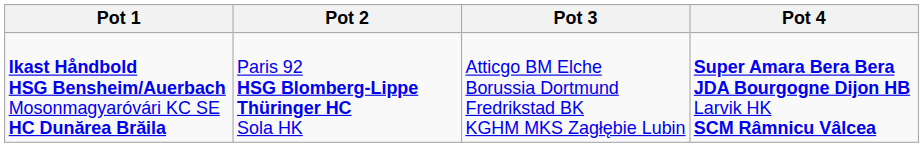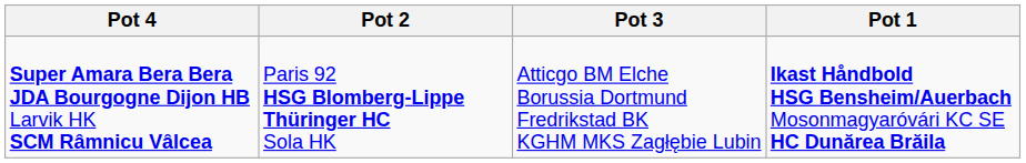 <table class="wikitable">
 <tr>
-<th style="width:25%;">Pot 1</th>
+<th style="width:25%;">Pot 4</th>
 <th style="width:25%;">Pot 2</th>
 <th style="width:25%;">Pot 3</th>
-<th style="width:25%;">Pot 4</th>
+<th style="width:25%;">Pot 1</th>
 </tr>
 <tr>
-<td><br> <strong><a href='#'>Ikast Håndbold</a></strong><br>  <strong><a href='#'>HSG Bensheim/Auerbach</a></strong><br>  <a href='#'>Mosonmagyaróvári KC SE</a><br>  <strong><a href='#'>HC Dunărea Brăila</a></strong></td>
+<td><br> <strong><a href='#'>Super Amara Bera Bera</a></strong><br>  <strong><a href='#'>JDA Bourgogne Dijon HB</a></strong><br>  <a href='#'>Larvik HK</a><br>  <strong><a href='#'>SCM Râmnicu Vâlcea</a></strong></td>
 <td><br> <a href='#'>Paris 92</a><br>  <strong><a href='#'>HSG Blomberg-Lippe</a></strong><br>  <strong><a href='#'>Thüringer HC</a></strong><br>  <a href='#'>Sola HK</a></td>
 <td><br> <a href='#'>Atticgo BM Elche</a><br>  <a href='#'>Borussia Dortmund</a><br>  <a href='#'>Fredrikstad BK</a><br>  <a href='#'>KGHM MKS Zagłębie Lubin</a></td>
-<td><br> <strong><a href='#'>Super Amara Bera Bera</a></strong><br>  <strong><a href='#'>JDA Bourgogne Dijon HB</a></strong><br>  <a href='#'>Larvik HK</a><br>  <strong><a href='#'>SCM Râmnicu Vâlcea</a></strong></td>
+<td><br> <strong><a href='#'>Ikast Håndbold</a></strong><br>  <strong><a href='#'>HSG Bensheim/Auerbach</a></strong><br>  <a href='#'>Mosonmagyaróvári KC SE</a><br>  <strong><a href='#'>HC Dunărea Brăila</a></strong></td>
 </tr>
 </table>
